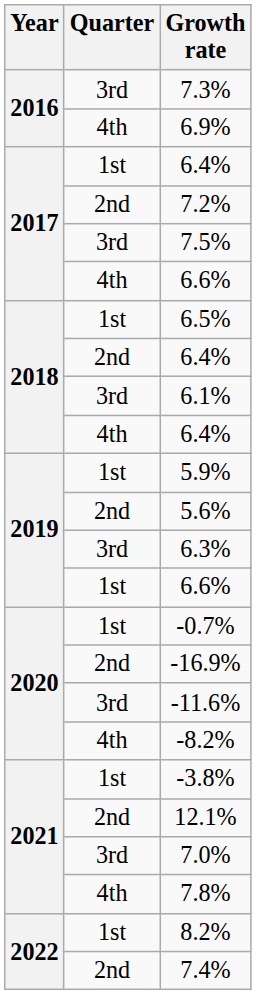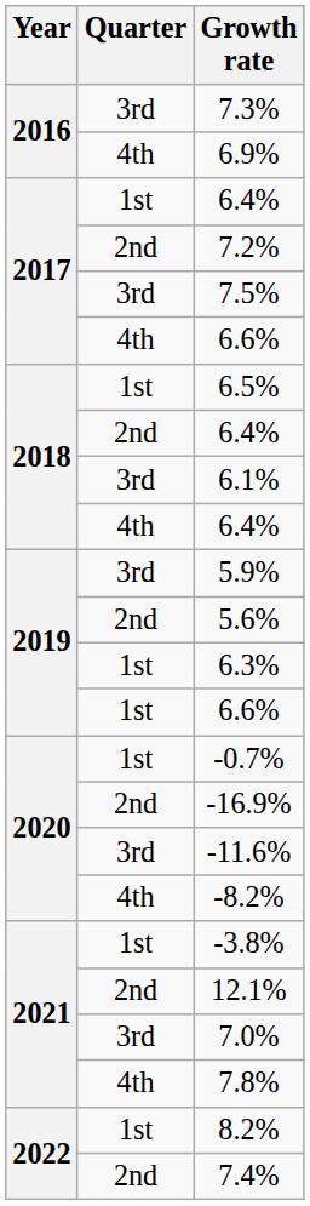 <table class="wikitable floatright" style="text-align:center;">
 <tr style="vertical-align:top;">
 <th scope="col">Year</th>
 <th scope="col">Quarter</th>
 <th scope="col">Growth<br>rate</th>
 </tr>
 <tr>
 <th scope="row" rowspan="2">2016</th>
 <td>3rd</td>
 <td>7.3%</td>
 </tr>
 <tr>
 <td>4th</td>
 <td>6.9%</td>
 </tr>
 <tr>
 <th scope="row" rowspan="4">2017</th>
 <td>1st</td>
 <td>6.4%</td>
 </tr>
 <tr>
 <td>2nd</td>
 <td>7.2%</td>
 </tr>
 <tr>
 <td>3rd</td>
 <td>7.5%</td>
 </tr>
 <tr>
 <td>4th</td>
 <td>6.6%</td>
 </tr>
 <tr>
 <th scope="row" rowspan="4">2018</th>
 <td>1st</td>
 <td>6.5%</td>
 </tr>
 <tr>
 <td>2nd</td>
 <td>6.4%</td>
 </tr>
 <tr>
 <td>3rd</td>
 <td>6.1%</td>
 </tr>
 <tr>
 <td>4th</td>
 <td>6.4%</td>
 </tr>
 <tr>
 <th scope="row" rowspan="4">2019</th>
-<td>1st</td>
+<td>3rd</td>
 <td>5.9%</td>
 </tr>
 <tr>
 <td>2nd</td>
 <td>5.6%</td>
 </tr>
 <tr>
-<td>3rd</td>
+<td>1st</td>
 <td>6.3%</td>
 </tr>
 <tr>
 <td>1st</td>
 <td>6.6%</td>
 </tr>
 <tr>
 <th scope="row" rowspan="4">2020</th>
 <td>1st</td>
 <td>-0.7%</td>
 </tr>
 <tr>
 <td>2nd</td>
 <td>-16.9%</td>
 </tr>
 <tr>
 <td>3rd</td>
 <td>-11.6%</td>
 </tr>
 <tr>
 <td>4th</td>
 <td>-8.2%</td>
 </tr>
 <tr>
 <th scope="row" rowspan="4">2021</th>
 <td>1st</td>
 <td>-3.8%</td>
 </tr>
 <tr>
 <td>2nd</td>
 <td>12.1%</td>
 </tr>
 <tr>
 <td>3rd</td>
 <td>7.0%</td>
 </tr>
 <tr>
 <td>4th</td>
 <td>7.8%</td>
 </tr>
 <tr>
 <th scope="row" rowspan="2">2022</th>
 <td>1st</td>
 <td>8.2%</td>
 </tr>
 <tr>
 <td>2nd</td>
 <td>7.4%</td>
 </tr>
 </table>
